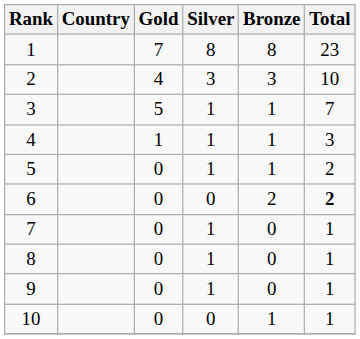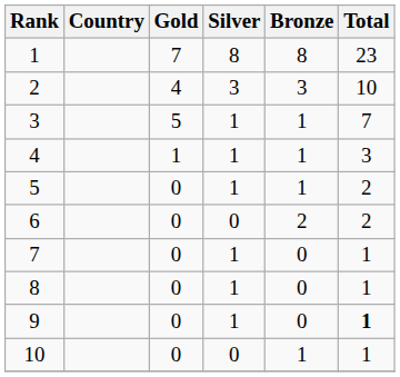 <table class="wikitable sortable" style="text-align: center;">
 <tr>
 <th>Rank</th>
 <th>Country</th>
 <th> Gold</th>
 <th> Silver</th>
 <th> Bronze</th>
 <th>Total</th>
 </tr>
 <tr>
 <td>1</td>
 <td style="text-align: left;"></td>
 <td>7</td>
 <td>8</td>
 <td>8</td>
 <td>23</td>
 </tr>
 <tr>
 <td>2</td>
 <td style="text-align: left;"></td>
 <td>4</td>
 <td>3</td>
 <td>3</td>
 <td>10</td>
 </tr>
 <tr>
 <td>3</td>
 <td style="text-align: left;"></td>
 <td>5</td>
 <td>1</td>
 <td>1</td>
 <td>7</td>
 </tr>
 <tr>
 <td>4</td>
 <td style="text-align: left;"></td>
 <td>1</td>
 <td>1</td>
 <td>1</td>
 <td>3</td>
 </tr>
 <tr>
 <td>5</td>
 <td style="text-align: left;"></td>
 <td>0</td>
 <td>1</td>
 <td>1</td>
 <td>2</td>
 </tr>
 <tr>
 <td>6</td>
 <td style="text-align: left;"></td>
 <td>0</td>
 <td>0</td>
 <td>2</td>
-<td><strong>2</strong></td>
+<td>2</td>
 </tr>
 <tr>
 <td>7</td>
 <td style="text-align: left;"></td>
 <td>0</td>
 <td>1</td>
 <td>0</td>
 <td>1</td>
 </tr>
 <tr>
 <td>8</td>
 <td style="text-align: left;"></td>
 <td>0</td>
 <td>1</td>
 <td>0</td>
 <td>1</td>
 </tr>
 <tr>
 <td>9</td>
 <td style="text-align: left;"></td>
 <td>0</td>
 <td>1</td>
 <td>0</td>
-<td>1</td>
+<td><strong>1</strong></td>
 </tr>
 <tr>
 <td>10</td>
 <td style="text-align: left;"></td>
 <td>0</td>
 <td>0</td>
 <td>1</td>
 <td>1</td>
 </tr>
 <tr>
 </tr>
 </table>
